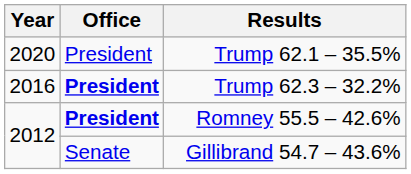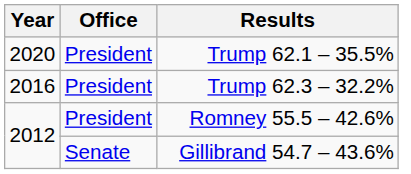 <table class=wikitable>
 <tr>
 <th width="30">Year</th>
 <th width="60">Office</th>
 <th width="180">Results</th>
 </tr>
 <tr>
 <td>2020</td>
 <td><a href='#'>President</a></td>
 <td align="right" ><a href='#'>Trump</a> 62.1 – 35.5%</td>
 </tr>
 <tr>
 <td>2016</td>
-<td><strong><a href='#'>President</a></strong></td>
+<td><a href='#'>President</a></td>
 <td align="right" ><a href='#'>Trump</a> 62.3 – 32.2%</td>
 </tr>
 <tr>
 <td rowspan="2">2012</td>
-<td><strong><a href='#'>President</a></strong></td>
+<td><a href='#'>President</a></td>
 <td align="right" ><a href='#'>Romney</a> 55.5 – 42.6%</td>
 </tr>
 <tr>
 <td><a href='#'>Senate</a></td>
 <td align="right" ><a href='#'>Gillibrand</a> 54.7 – 43.6%</td>
 </tr>
 </table>
